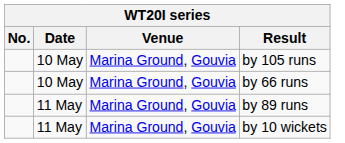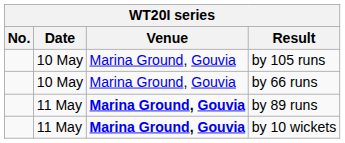 <table class="wikitable">
 <tr>
 <th colspan="5">WT20I series</th>
 </tr>
 <tr>
 <th>No.</th>
 <th>Date</th>
 <th>Venue</th>
 <th>Result</th>
 </tr>
 <tr>
 <td></td>
 <td>10 May</td>
 <td><a href='#'>Marina Ground</a>, <a href='#'>Gouvia</a></td>
 <td> by 105 runs</td>
 </tr>
 <tr>
 <td></td>
 <td>10 May</td>
 <td><a href='#'>Marina Ground</a>, <a href='#'>Gouvia</a></td>
 <td> by 66 runs</td>
 </tr>
 <tr>
 <td></td>
 <td>11 May</td>
-<td><a href='#'>Marina Ground</a>, <a href='#'>Gouvia</a></td>
+<td><strong><a href='#'>Marina Ground</a>, <a href='#'>Gouvia</a></strong></td>
 <td> by 89 runs</td>
 </tr>
 <tr>
 <td></td>
 <td>11 May</td>
-<td><a href='#'>Marina Ground</a>, <a href='#'>Gouvia</a></td>
+<td><strong><a href='#'>Marina Ground</a>, <a href='#'>Gouvia</a></strong></td>
 <td> by 10 wickets</td>
 </tr>
 </table>
